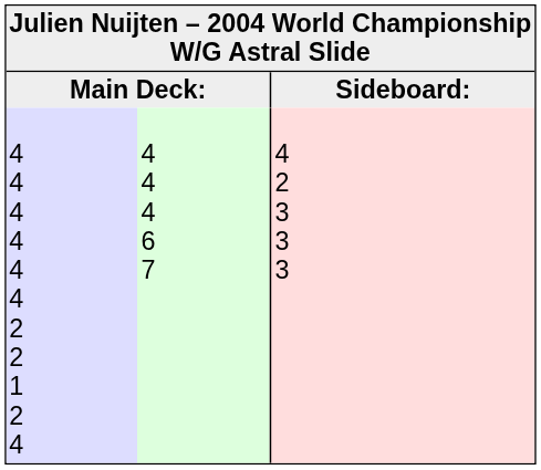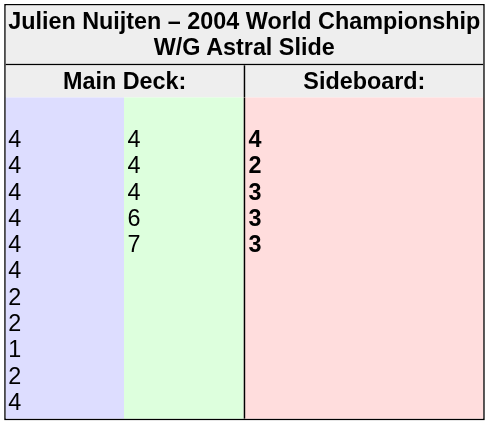 <table align="right" border="0" cellspacing="0" cellpadding="2" style="border: 1px solid black; margin-left: 1ex;">
 <tr>
 <th colspan="3" style="background-color: #eee; border-bottom: 1px solid black;">Julien Nuijten – 2004 World Championship<br>W/G Astral Slide</th>
 </tr>
 <tr style="background-color: #eee;">
 <th colspan="2">Main Deck:</th>
 <th style="border-left: 1px solid black;">Sideboard:</th>
 </tr>
 <tr valign="top">
 <td style="background-color: #ddf;"><br>4 <br> 4 <br> 4 <br>4 <br> 4 <br> 4 <br> 2 <br> 2 <br> 1 <br> 2 <br> 4 <br></td>
 <td style="background-color: #dfd;"><br>4 <br> 4 <br> 4 <br> 6 <br> 7 <br></td>
-<td style="background-color: #fdd; border-left: 1px solid black;"><br>4 <br> 2 <br> 3 <br> 3 <br> 3 <br></td>
+<td style="background-color: #fdd; border-left: 1px solid black;"><strong><br>4 <br> 2 <br> 3 <br> 3 <br> 3 <br></strong></td>
 </tr>
 </table>
